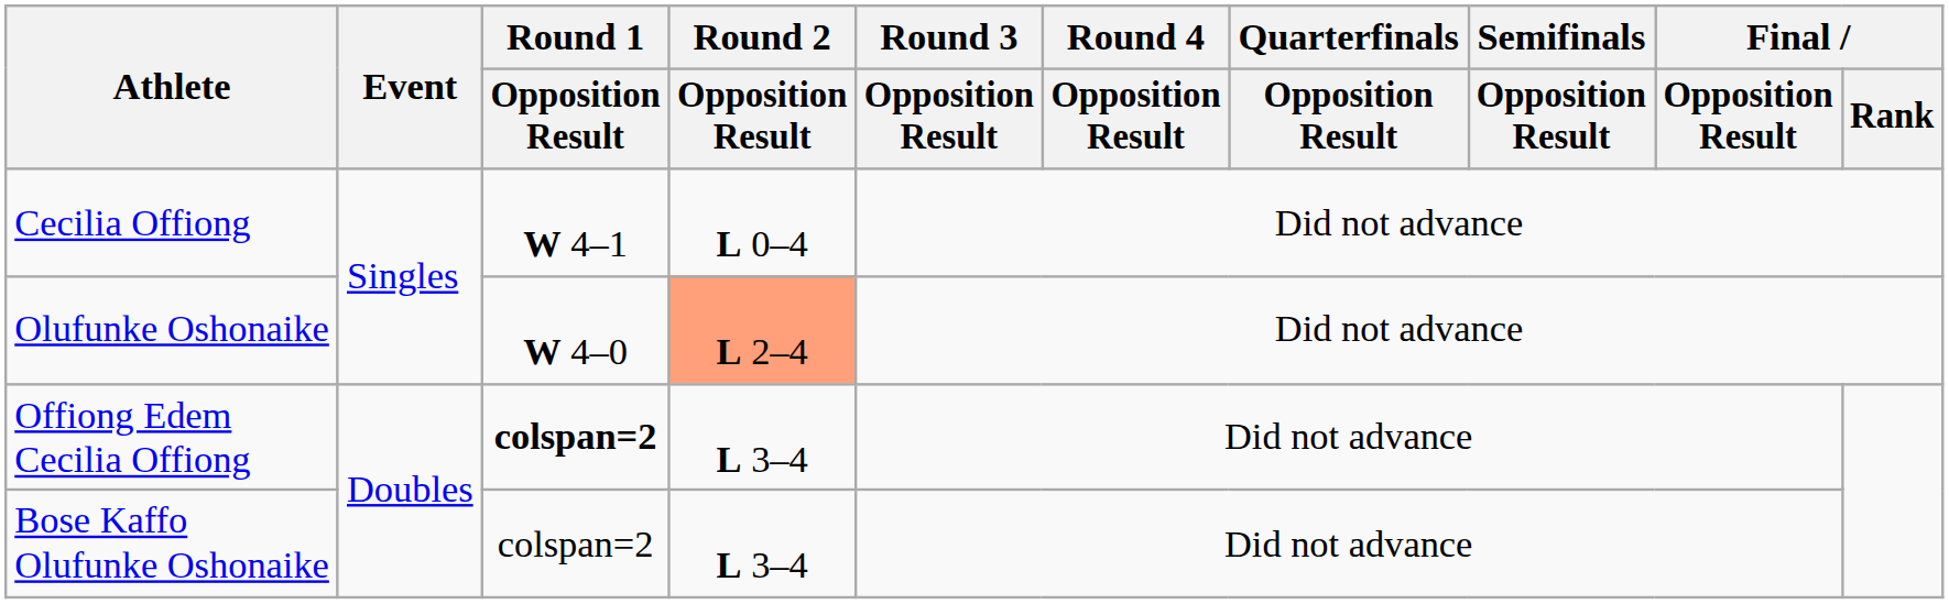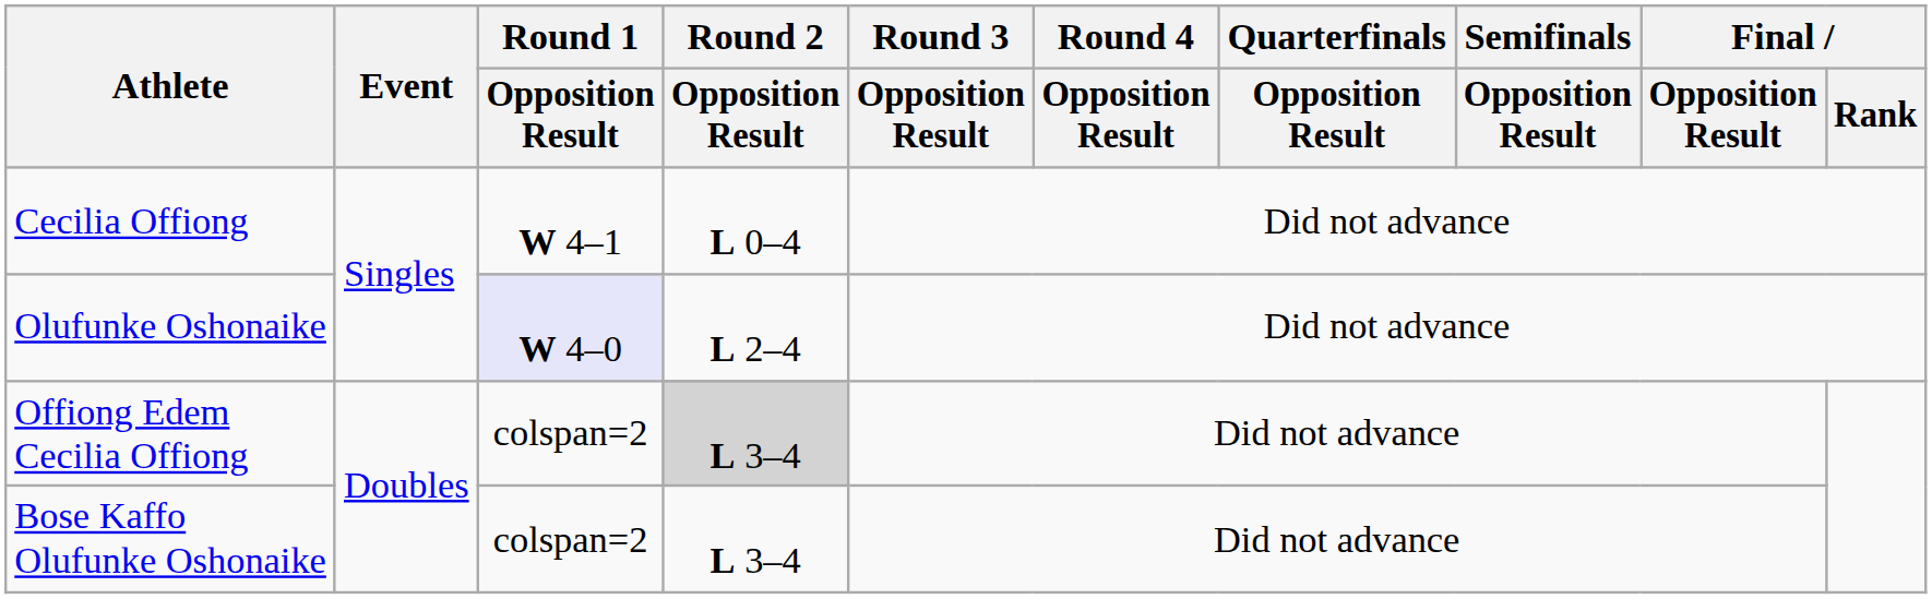 <table class="wikitable" style="font-size:90%">
 <tr>
 <th rowspan="2">Athlete</th>
 <th rowspan="2">Event</th>
 <th>Round 1</th>
 <th>Round 2</th>
 <th>Round 3</th>
 <th>Round 4</th>
 <th>Quarterfinals</th>
 <th>Semifinals</th>
 <th colspan=2>Final / </th>
 </tr>
 <tr style="font-size:95%">
 <th>Opposition<br>Result</th>
 <th>Opposition<br>Result</th>
 <th>Opposition<br>Result</th>
 <th>Opposition<br>Result</th>
 <th>Opposition<br>Result</th>
 <th>Opposition<br>Result</th>
 <th>Opposition<br>Result</th>
 <th>Rank</th>
 </tr>
 <tr align=center>
 <td align=left><a href='#'>Cecilia Offiong</a></td>
 <td align=left rowspan=2><a href='#'>Singles</a></td>
 <td><br><strong>W</strong> 4–1</td>
 <td><br><strong>L</strong> 0–4</td>
 <td colspan=6>Did not advance</td>
 </tr>
 <tr align=center>
 <td align=left><a href='#'>Olufunke Oshonaike</a></td>
-<td><br><strong>W</strong> 4–0</td>
-<td style="background: lightsalmon;"><br><strong>L</strong> 2–4</td>
+<td style="background: lavender;"><br><strong>W</strong> 4–0</td>
+<td><br><strong>L</strong> 2–4</td>
 <td colspan=6>Did not advance</td>
 </tr>
 <tr align=center>
 <td align=left><a href='#'>Offiong Edem</a><br><a href='#'>Cecilia Offiong</a></td>
 <td align=left rowspan=2><a href='#'>Doubles</a></td>
-<td><strong>colspan=2 </strong></td>
-<td><br><strong>L</strong> 3–4</td>
+<td>colspan=2 </td>
+<td style="background: lightgrey;"><br><strong>L</strong> 3–4</td>
 <td colspan=5>Did not advance</td>
 </tr>
 <tr align=center>
 <td align=left><a href='#'>Bose Kaffo</a><br><a href='#'>Olufunke Oshonaike</a></td>
 <td>colspan=2 </td>
 <td><br><strong>L</strong> 3–4</td>
 <td colspan=5>Did not advance</td>
 </tr>
 </table>
